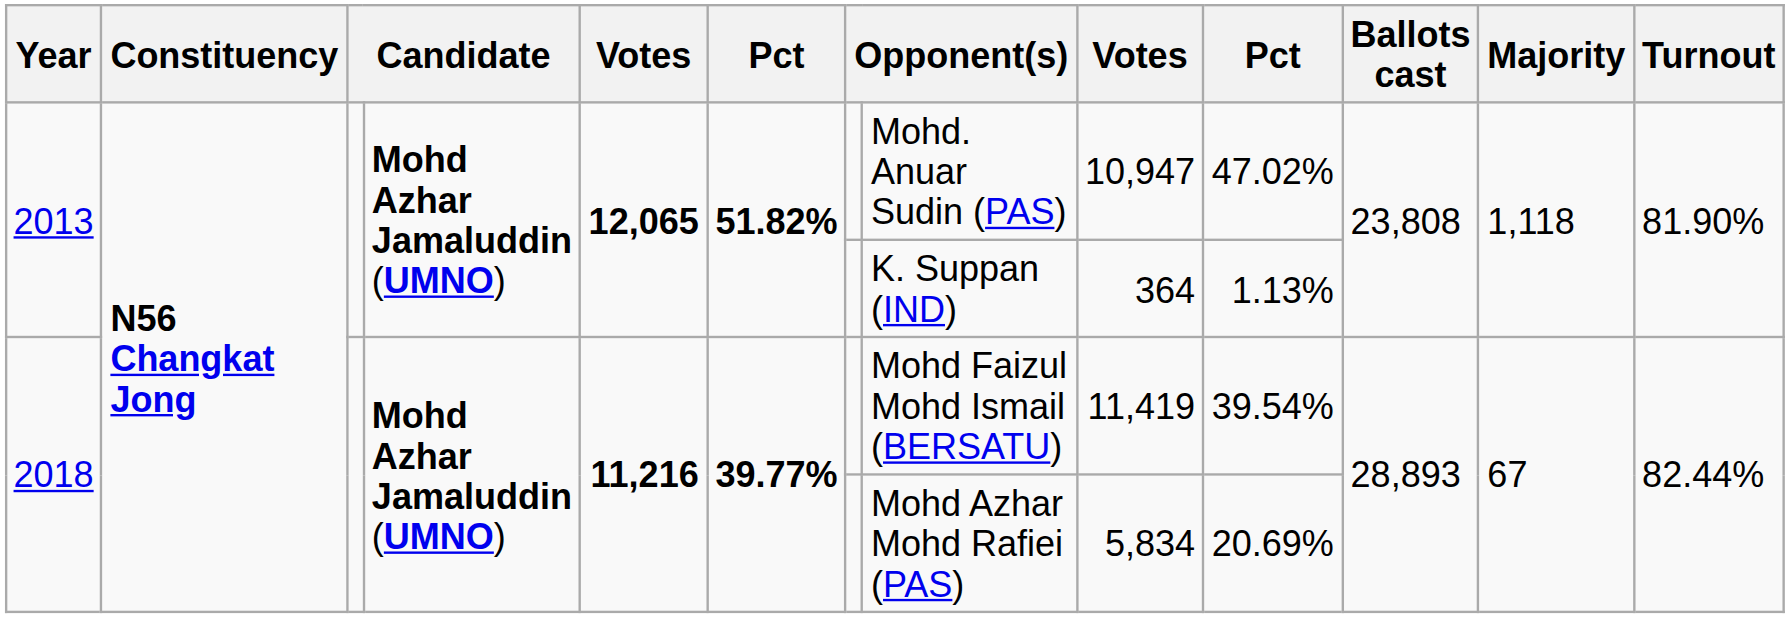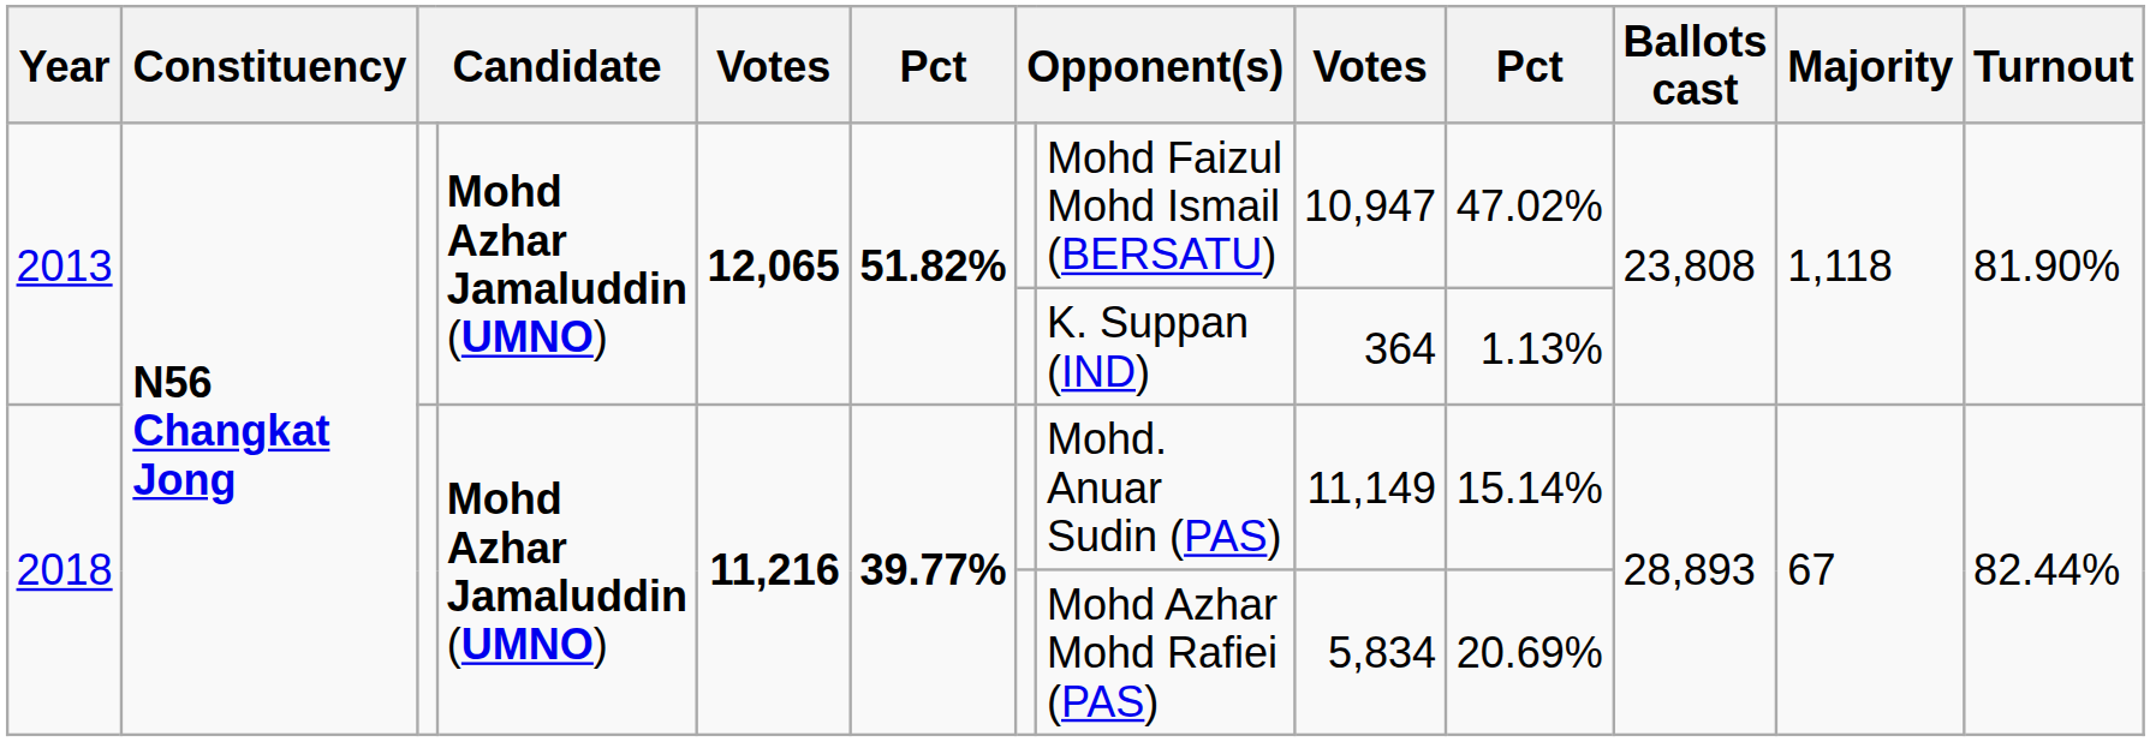 <table class="wikitable" style="margin:0.5em ; font-size:95%">
 <tr>
 <th>Year</th>
 <th>Constituency</th>
 <th colspan="2">Candidate</th>
 <th>Votes</th>
 <th>Pct</th>
 <th colspan="2">Opponent(s)</th>
 <th>Votes</th>
 <th>Pct</th>
 <th>Ballots cast</th>
 <th>Majority</th>
 <th>Turnout</th>
 </tr>
 <tr>
 <td rowspan="2"><a href='#'>2013</a></td>
 <td rowspan="4"><strong>N56 <a href='#'>Changkat Jong</a></strong></td>
 <td rowspan="2" ></td>
 <td rowspan="2"><strong>Mohd Azhar Jamaluddin</strong> (<a href='#'><strong>UMNO</strong></a>)</td>
 <td rowspan="2" align=right><strong>12,065</strong></td>
 <td rowspan="2"><strong>51.82%</strong></td>
 <td></td>
-<td>Mohd. Anuar Sudin (<a href='#'>PAS</a>)</td>
+<td>Mohd Faizul Mohd Ismail (<a href='#'>BERSATU</a>)</td>
 <td align=right>10,947</td>
 <td>47.02%</td>
 <td rowspan="2">23,808</td>
 <td rowspan="2">1,118</td>
 <td rowspan="2">81.90%</td>
 </tr>
 <tr>
 <td></td>
 <td>K. Suppan (<a href='#'>IND</a>)</td>
 <td align=right>364</td>
 <td align=right>1.13%</td>
 </tr>
 <tr>
 <td rowspan="2"><a href='#'>2018</a></td>
 <td rowspan="2" ></td>
 <td rowspan="2"><strong>Mohd Azhar Jamaluddin</strong> (<a href='#'><strong>UMNO</strong></a>)</td>
 <td rowspan="2" align=right><strong>11,216</strong></td>
 <td rowspan="2"><strong>39.77%</strong></td>
 <td></td>
-<td>Mohd Faizul Mohd Ismail (<a href='#'>BERSATU</a>)</td>
-<td align=right>11,419</td>
-<td>39.54%</td>
+<td>Mohd. Anuar Sudin (<a href='#'>PAS</a>)</td>
+<td align=right>11,149</td>
+<td>15.14%</td>
 <td rowspan="2">28,893</td>
 <td rowspan="2">67</td>
 <td rowspan="2">82.44%</td>
 </tr>
 <tr>
 <td></td>
 <td>Mohd Azhar Mohd Rafiei (<a href='#'>PAS</a>)</td>
 <td align=right>5,834</td>
 <td>20.69%</td>
 </tr>
 </table>
